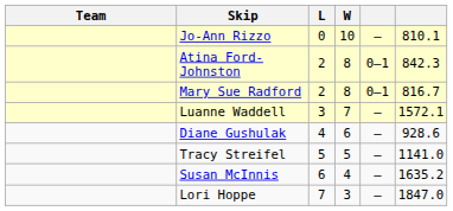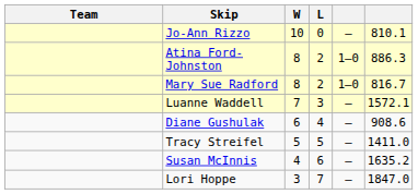 <table class="wikitable" style="text-align: center;">
 <tr>
 <th width=170>Team</th>
 <th width=130>Skip</th>
+<th width=20>W</th>
 <th width=20>L</th>
-<th width=20>W</th>
 <th width=30></th>
 <th width=20></th>
 </tr>
 <tr bgcolor=#ffffcc>
 <td style="text-align:left;"></td>
 <td style="text-align:left;"><a href='#'>Jo-Ann Rizzo</a></td>
+<td>10</td>
 <td>0</td>
-<td>10</td>
 <td>–</td>
 <td>810.1</td>
 </tr>
 <tr bgcolor=#ffffcc>
 <td style="text-align:left;"></td>
 <td style="text-align:left;"><a href='#'>Atina Ford-Johnston</a></td>
+<td>8</td>
 <td>2</td>
-<td>8</td>
-<td>0–1</td>
-<td>842.3</td>
+<td>1–0</td>
+<td>886.3</td>
 </tr>
 <tr bgcolor=#ffffcc>
 <td style="text-align:left;"></td>
 <td style="text-align:left;"><a href='#'>Mary Sue Radford</a></td>
+<td>8</td>
 <td>2</td>
-<td>8</td>
-<td>0–1</td>
+<td>1–0</td>
 <td>816.7</td>
 </tr>
 <tr bgcolor=#ffffcc>
 <td style="text-align:left;"></td>
 <td style="text-align:left;">Luanne Waddell</td>
+<td>7</td>
 <td>3</td>
-<td>7</td>
 <td>–</td>
 <td>1572.1</td>
 </tr>
 <tr>
 <td style="text-align:left;"></td>
 <td style="text-align:left;"><a href='#'>Diane Gushulak</a></td>
+<td>6</td>
 <td>4</td>
-<td>6</td>
 <td>–</td>
-<td>928.6</td>
+<td>908.6</td>
 </tr>
 <tr>
 <td style="text-align:left;"></td>
 <td style="text-align:left;">Tracy Streifel</td>
 <td>5</td>
 <td>5</td>
 <td>–</td>
-<td>1141.0</td>
+<td>1411.0</td>
 </tr>
 <tr>
 <td style="text-align:left;"></td>
 <td style="text-align:left;"><a href='#'>Susan McInnis</a></td>
+<td>4</td>
 <td>6</td>
-<td>4</td>
 <td>–</td>
 <td>1635.2</td>
 </tr>
 <tr>
 <td style="text-align:left;"></td>
 <td style="text-align:left;">Lori Hoppe</td>
+<td>3</td>
 <td>7</td>
-<td>3</td>
 <td>–</td>
 <td>1847.0</td>
 </tr>
 </table>
